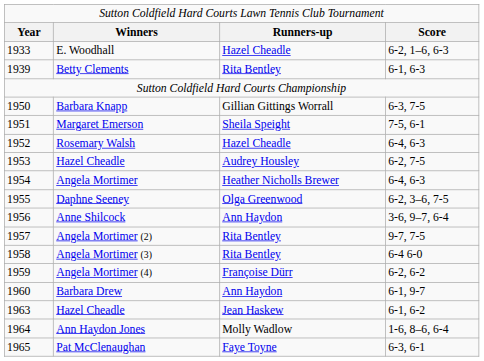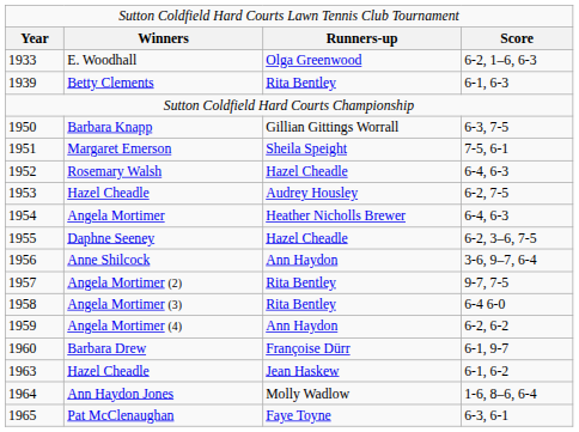 <table class="wikitable">
 <tr>
 <td colspan=4 align=center><em>Sutton Coldfield Hard Courts Lawn Tennis Club Tournament</em></td>
 </tr>
 <tr>
 <th style="width:60px;">Year</th>
 <th style="width:220px;">Winners</th>
 <th style="width:220px;">Runners-up</th>
 <th style="width:120px;">Score</th>
 </tr>
 <tr>
 <td>1933</td>
 <td> E. Woodhall</td>
-<td> <a href='#'>Hazel Cheadle</a></td>
+<td> <a href='#'>Olga Greenwood</a></td>
 <td>6-2, 1–6, 6-3</td>
 </tr>
 <tr>
 <td>1939</td>
 <td> <a href='#'>Betty Clements</a></td>
 <td>  <a href='#'>Rita Bentley</a></td>
 <td>6-1, 6-3</td>
 </tr>
 <tr>
 <td colspan=4 align=center><em>Sutton Coldfield Hard Courts Championship</em></td>
 </tr>
 <tr>
 <td>1950</td>
 <td> <a href='#'>Barbara Knapp</a></td>
 <td> Gillian Gittings Worrall</td>
 <td>6-3, 7-5</td>
 </tr>
 <tr>
 <td>1951</td>
 <td> <a href='#'>Margaret Emerson</a></td>
 <td> <a href='#'>Sheila Speight</a></td>
 <td>7-5, 6-1</td>
 </tr>
 <tr>
 <td>1952</td>
 <td> <a href='#'>Rosemary Walsh</a></td>
 <td> <a href='#'>Hazel Cheadle</a></td>
 <td>6-4, 6-3</td>
 </tr>
 <tr>
 <td>1953</td>
 <td> <a href='#'>Hazel Cheadle</a></td>
 <td> <a href='#'>Audrey Housley</a></td>
 <td>6-2, 7-5</td>
 </tr>
 <tr>
 <td>1954</td>
 <td> <a href='#'>Angela Mortimer</a></td>
 <td> <a href='#'>Heather Nicholls Brewer</a></td>
 <td>6-4, 6-3</td>
 </tr>
 <tr>
 <td>1955</td>
 <td> <a href='#'>Daphne Seeney</a></td>
-<td> <a href='#'>Olga Greenwood</a></td>
+<td> <a href='#'>Hazel Cheadle</a></td>
 <td>6-2, 3–6, 7-5</td>
 </tr>
 <tr>
 <td>1956</td>
 <td> <a href='#'>Anne Shilcock</a></td>
 <td> <a href='#'>Ann Haydon</a></td>
 <td>3-6, 9–7, 6-4</td>
 </tr>
 <tr>
 <td>1957</td>
 <td> <a href='#'>Angela Mortimer</a> <small>(2)</small></td>
 <td> <a href='#'>Rita Bentley</a></td>
 <td>9-7, 7-5</td>
 </tr>
 <tr>
 <td>1958</td>
 <td> <a href='#'>Angela Mortimer</a> <small>(3)</small></td>
 <td>  <a href='#'>Rita Bentley</a></td>
 <td>6-4 6-0</td>
 </tr>
 <tr>
 <td>1959</td>
 <td> <a href='#'>Angela Mortimer</a> <small>(4)</small></td>
-<td> <a href='#'>Françoise Dürr</a></td>
+<td> <a href='#'>Ann Haydon</a></td>
 <td>6-2, 6-2</td>
 </tr>
 <tr>
 <td>1960</td>
 <td> <a href='#'>Barbara Drew</a></td>
-<td> <a href='#'>Ann Haydon</a></td>
+<td> <a href='#'>Françoise Dürr</a></td>
 <td>6-1, 9-7</td>
 </tr>
 <tr>
 <td>1963</td>
 <td> <a href='#'>Hazel Cheadle</a></td>
 <td> <a href='#'>Jean Haskew</a></td>
 <td>6-1, 6-2</td>
 </tr>
 <tr>
 <td>1964</td>
 <td> <a href='#'>Ann Haydon Jones</a></td>
 <td> Molly Wadlow</td>
 <td>1-6, 8–6, 6-4</td>
 </tr>
 <tr>
 <td>1965</td>
 <td> <a href='#'>Pat McClenaughan</a></td>
 <td> <a href='#'>Faye Toyne</a></td>
 <td>6-3, 6-1</td>
 </tr>
 </table>
